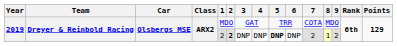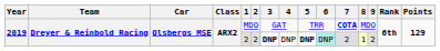 <table class="wikitable" style="text-align:center; font-size:90%;">
 <tr valign="top">
 <th>Year</th>
 <th>Team</th>
 <th>Car</th>
 <th>Class</th>
 <th>1</th>
 <th>2</th>
 <th>3</th>
 <th>4</th>
 <th>5</th>
 <th>6</th>
 <th>7</th>
 <th>8</th>
 <th>9</th>
 <th>Rank</th>
 <th>Points</th>
 </tr>
 <tr>
 <th rowspan=2><a href='#'>2019</a></th>
 <th rowspan=2><a href='#'>Dreyer & Reinbold Racing</a></th>
 <th rowspan=2><a href='#'>Olsbergs MSE</a></th>
 <th rowspan=2>ARX2</th>
 <td colspan=2><a href='#'>MDO</a></td>
 <td colspan=2><a href='#'>GAT</a></td>
 <td colspan=2><a href='#'>TRR</a></td>
-<td><a href='#'>COTA</a></td>
+<td><strong><a href='#'>COTA</a></strong></td>
 <td colspan=2><a href='#'>MDO</a></td>
 <td rowspan=2><strong>6th</strong></td>
 <td rowspan=2><strong>129</strong></td>
 </tr>
 <tr>
 <td style="background:#DFDFDF;">2</td>
-<td style="background:#DFDFDF;"><strong>2</strong></td>
-<td>DNP</td>
+<td style="background:#DFDFDF;">2</td>
+<td><strong>DNP</strong></td>
 <td>DNP</td>
 <td><strong>DNP</strong></td>
-<td>DNP</td>
+<td style="background: paleturquoise;">DNP</td>
 <td style="background:#DFDFDF;">2</td>
 <td style="background:#FFFFBF;">1</td>
 <td style="background:#DFDFDF;">2</td>
 </tr>
 </table>
